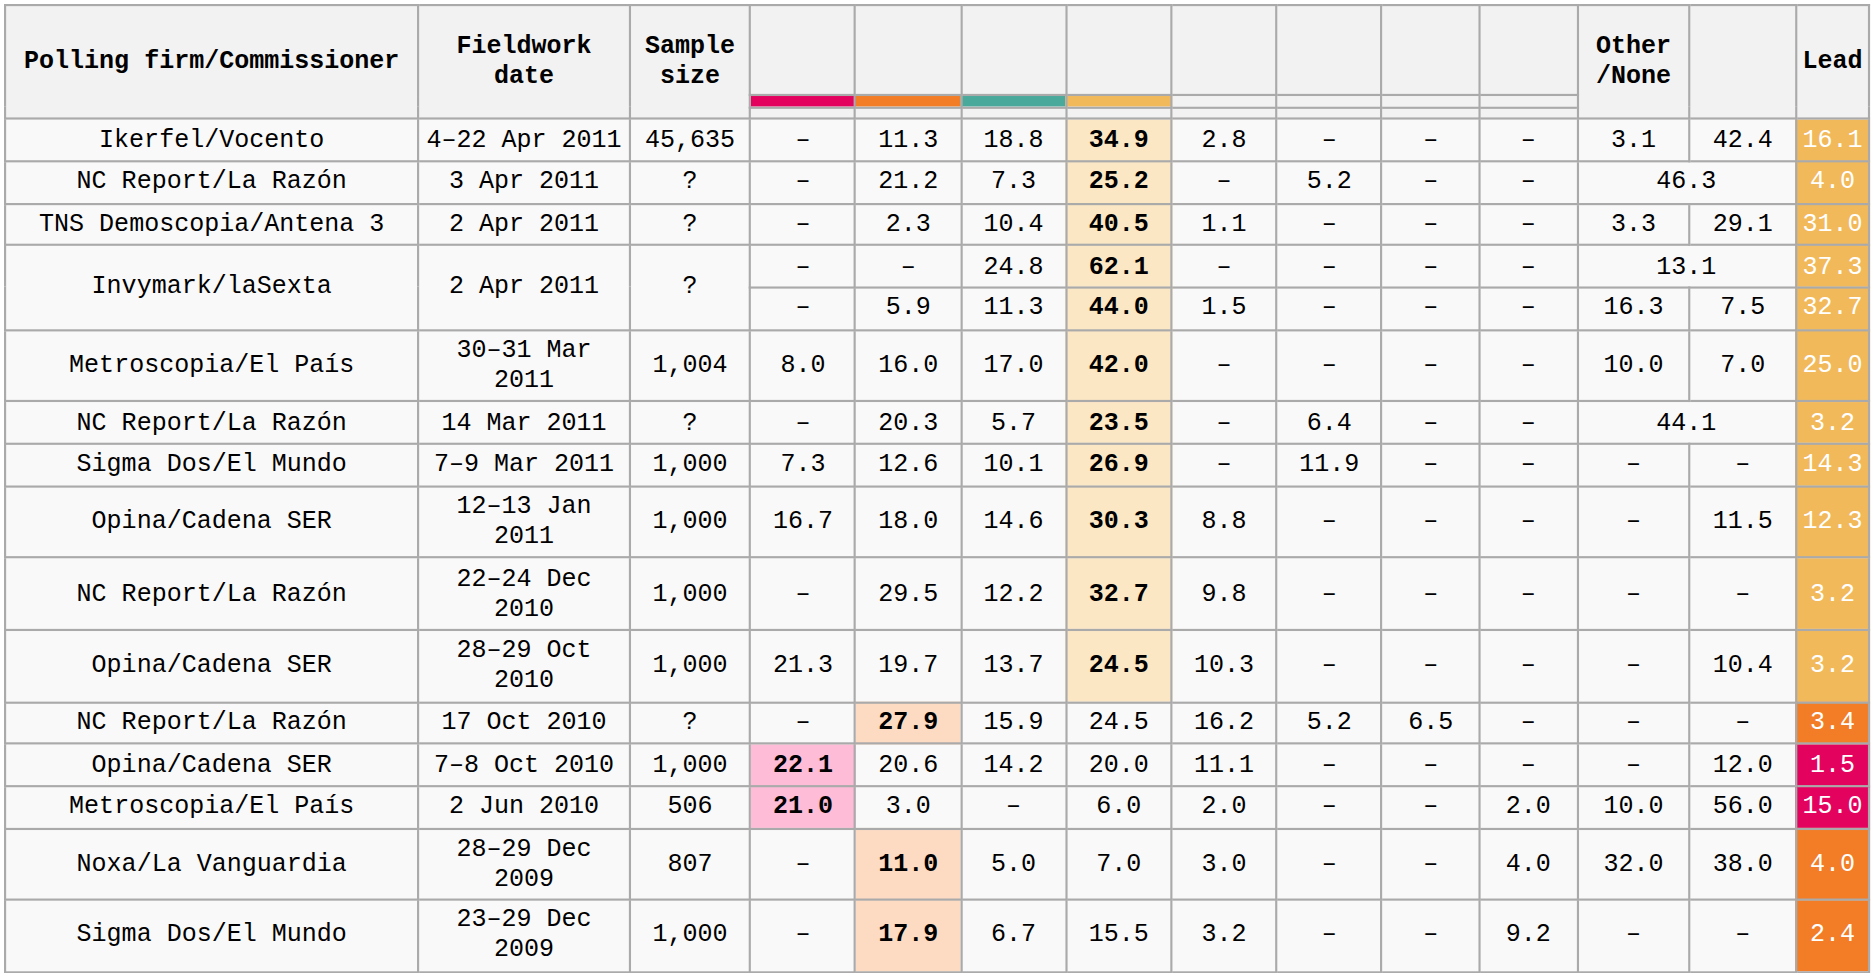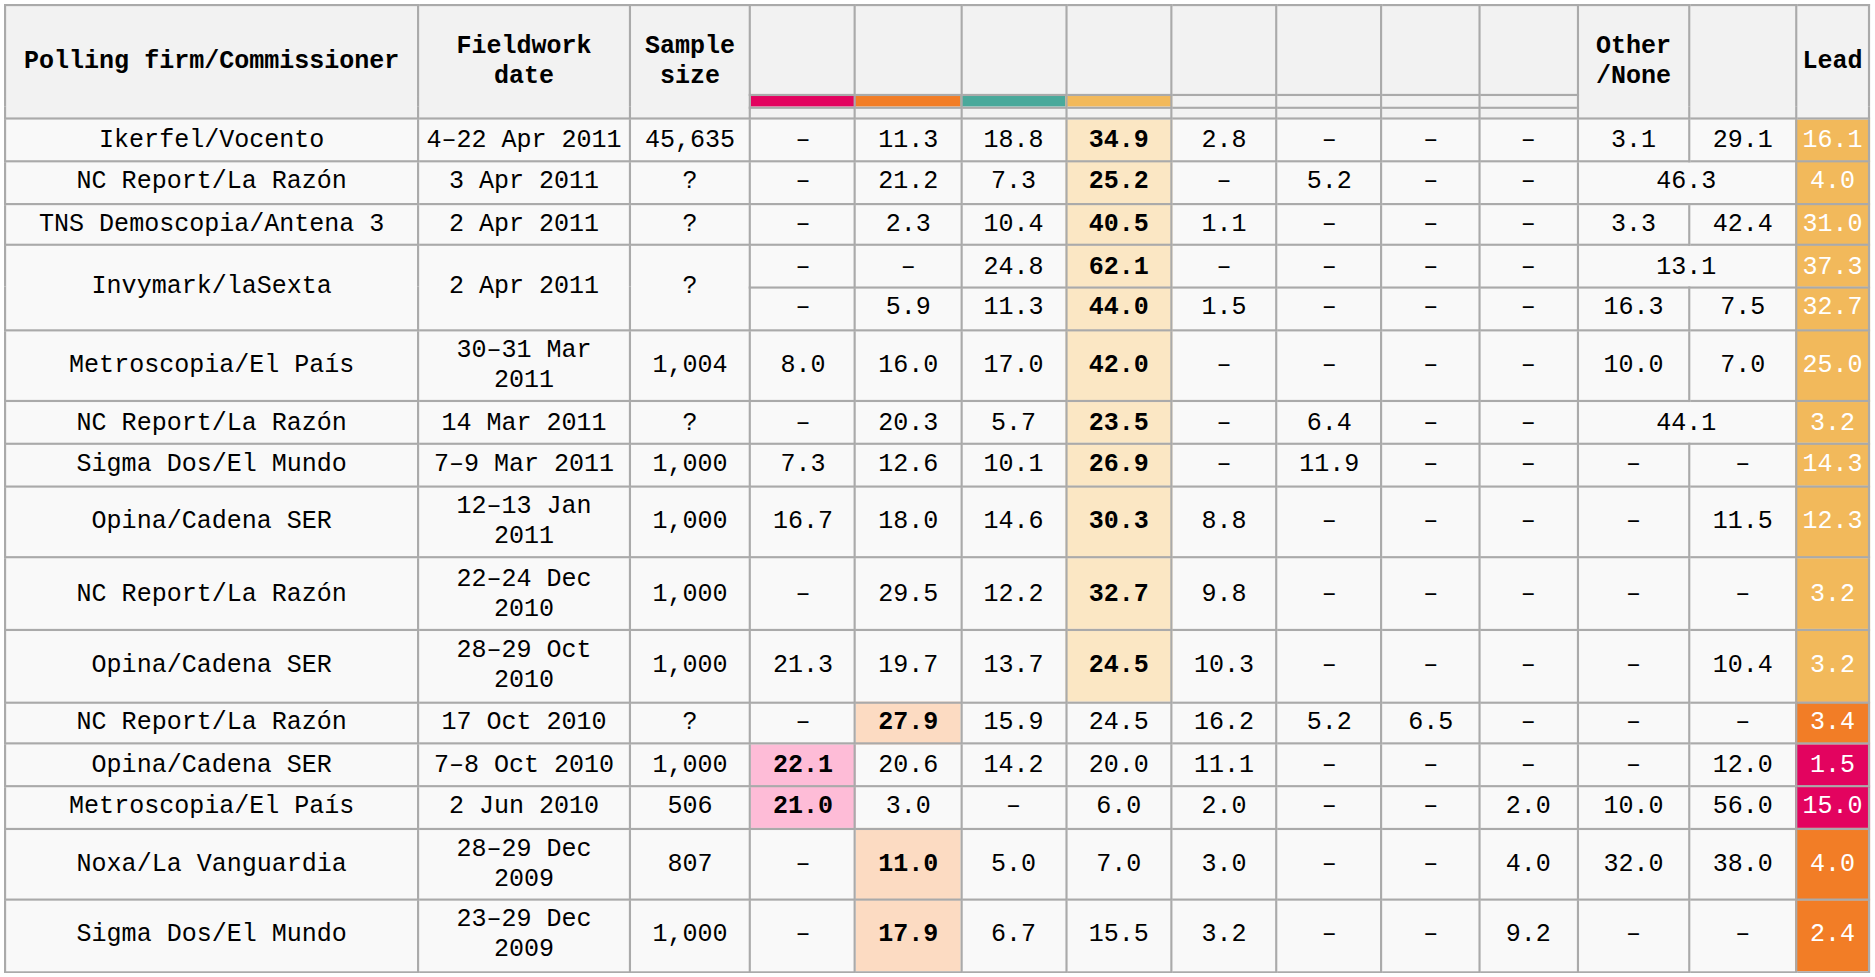 <table class="wikitable collapsible collapsed" style="text-align:center; font-size:90%; line-height:14px;">
 <tr style="height:42px;">
 <th style="width:260px;" rowspan="3">Polling firm/Commissioner</th>
 <th style="width:125px;" rowspan="3">Fieldwork date</th>
 <th style="width:60px;" rowspan="3">Sample size</th>
 <th style="width:60px;"></th>
 <th style="width:60px;"></th>
 <th style="width:60px;"></th>
 <th style="width:60px;"></th>
 <th style="width:60px;"></th>
 <th style="width:60px;"></th>
 <th style="width:60px;"></th>
 <th style="width:60px;"></th>
 <th style="width:60px;" rowspan="3">Other<br>/None</th>
 <th style="width:60px;" rowspan="3"></th>
 <th style="width:30px;" rowspan="3">Lead</th>
 </tr>
 <tr>
 <th style="color:inherit;background:#E3035F;"></th>
 <th style="color:inherit;background:#F27D26;"></th>
 <th style="color:inherit;background:#49A99B;"></th>
 <th style="color:inherit;background:#F2B95B;"></th>
 <th style="color:inherit;background:"></th>
 <th style="color:inherit;background:"></th>
 <th style="color:inherit;background:"></th>
 <th style="color:inherit;background:"></th>
 </tr>
 <tr>
 <th></th>
 <th></th>
 <th></th>
 <th></th>
 <th></th>
 <th></th>
 <th></th>
 <th></th>
 </tr>
 <tr>
 <td>Ikerfel/Vocento</td>
 <td>4–22 Apr 2011</td>
 <td>45,635</td>
 <td>–</td>
 <td>11.3</td>
 <td>18.8</td>
 <td style="color:inherit;background:#FBE7C4;"><strong>34.9</strong></td>
 <td>2.8</td>
 <td>–</td>
 <td>–</td>
 <td>–</td>
 <td>3.1</td>
-<td>42.4</td>
+<td>29.1</td>
 <td style="color:inherit;background:#F2B95B; color:white;">16.1</td>
 </tr>
 <tr>
 <td>NC Report/La Razón</td>
 <td>3 Apr 2011</td>
 <td>?</td>
 <td>–</td>
 <td>21.2</td>
 <td>7.3</td>
 <td style="color:inherit;background:#FBE7C4;"><strong>25.2</strong></td>
 <td>–</td>
 <td>5.2</td>
 <td>–</td>
 <td>–</td>
 <td colspan="2">46.3</td>
 <td style="color:inherit;background:#F2B95B; color:white;">4.0</td>
 </tr>
 <tr>
 <td>TNS Demoscopia/Antena 3</td>
 <td>2 Apr 2011</td>
 <td>?</td>
 <td>–</td>
 <td>2.3</td>
 <td>10.4</td>
 <td style="color:inherit;background:#FBE7C4;"><strong>40.5</strong></td>
 <td>1.1</td>
 <td>–</td>
 <td>–</td>
 <td>–</td>
 <td>3.3</td>
-<td>29.1</td>
+<td>42.4</td>
 <td style="color:inherit;background:#F2B95B; color:white;">31.0</td>
 </tr>
 <tr>
 <td rowspan="2">Invymark/laSexta</td>
 <td rowspan="2">2 Apr 2011</td>
 <td rowspan="2">?</td>
 <td>–</td>
 <td>–</td>
 <td>24.8</td>
 <td style="color:inherit;background:#FBE7C4;"><strong>62.1</strong></td>
 <td>–</td>
 <td>–</td>
 <td>–</td>
 <td>–</td>
 <td colspan="2">13.1</td>
 <td style="color:inherit;background:#F2B95B; color:white;">37.3</td>
 </tr>
 <tr>
 <td>–</td>
 <td>5.9</td>
 <td>11.3</td>
 <td style="color:inherit;background:#FBE7C4;"><strong>44.0</strong></td>
 <td>1.5</td>
 <td>–</td>
 <td>–</td>
 <td>–</td>
 <td>16.3</td>
 <td>7.5</td>
 <td style="color:inherit;background:#F2B95B; color:white;">32.7</td>
 </tr>
 <tr>
 <td>Metroscopia/El País</td>
 <td>30–31 Mar 2011</td>
 <td>1,004</td>
 <td>8.0</td>
 <td>16.0</td>
 <td>17.0</td>
 <td style="color:inherit;background:#FBE7C4;"><strong>42.0</strong></td>
 <td>–</td>
 <td>–</td>
 <td>–</td>
 <td>–</td>
 <td>10.0</td>
 <td>7.0</td>
 <td style="color:inherit;background:#F2B95B; color:white;">25.0</td>
 </tr>
 <tr>
 <td>NC Report/La Razón</td>
 <td>14 Mar 2011</td>
 <td>?</td>
 <td>–</td>
 <td>20.3</td>
 <td>5.7</td>
 <td style="color:inherit;background:#FBE7C4;"><strong>23.5</strong></td>
 <td>–</td>
 <td>6.4</td>
 <td>–</td>
 <td>–</td>
 <td colspan="2">44.1</td>
 <td style="color:inherit;background:#F2B95B; color:white;">3.2</td>
 </tr>
 <tr>
 <td>Sigma Dos/El Mundo</td>
 <td>7–9 Mar 2011</td>
 <td>1,000</td>
 <td>7.3</td>
 <td>12.6</td>
 <td>10.1</td>
 <td style="color:inherit;background:#FBE7C4;"><strong>26.9</strong></td>
 <td>–</td>
 <td>11.9</td>
 <td>–</td>
 <td>–</td>
 <td>–</td>
 <td>–</td>
 <td style="color:inherit;background:#F2B95B; color:white;">14.3</td>
 </tr>
 <tr>
 <td>Opina/Cadena SER</td>
 <td>12–13 Jan 2011</td>
 <td>1,000</td>
 <td>16.7</td>
 <td>18.0</td>
 <td>14.6</td>
 <td style="color:inherit;background:#FBE7C4;"><strong>30.3</strong></td>
 <td>8.8</td>
 <td>–</td>
 <td>–</td>
 <td>–</td>
 <td>–</td>
 <td>11.5</td>
 <td style="color:inherit;background:#F2B95B; color:white;">12.3</td>
 </tr>
 <tr>
 <td>NC Report/La Razón</td>
 <td>22–24 Dec 2010</td>
 <td>1,000</td>
 <td>–</td>
 <td>29.5</td>
 <td>12.2</td>
 <td style="color:inherit;background:#FBE7C4;"><strong>32.7</strong></td>
 <td>9.8</td>
 <td>–</td>
 <td>–</td>
 <td>–</td>
 <td>–</td>
 <td>–</td>
 <td style="color:inherit;background:#F2B95B; color:white;">3.2</td>
 </tr>
 <tr>
 <td>Opina/Cadena SER</td>
 <td>28–29 Oct 2010</td>
 <td>1,000</td>
 <td>21.3</td>
 <td>19.7</td>
 <td>13.7</td>
 <td style="color:inherit;background:#FBE7C4;"><strong>24.5</strong></td>
 <td>10.3</td>
 <td>–</td>
 <td>–</td>
 <td>–</td>
 <td>–</td>
 <td>10.4</td>
 <td style="color:inherit;background:#F2B95B; color:white;">3.2</td>
 </tr>
 <tr>
 <td>NC Report/La Razón</td>
 <td>17 Oct 2010</td>
 <td>?</td>
 <td>–</td>
 <td style="color:inherit;background:#FCDBC2;"><strong>27.9</strong></td>
 <td>15.9</td>
 <td>24.5</td>
 <td>16.2</td>
 <td>5.2</td>
 <td>6.5</td>
 <td>–</td>
 <td>–</td>
 <td>–</td>
 <td style="color:inherit;background:#F27D26; color:white;">3.4</td>
 </tr>
 <tr>
 <td>Opina/Cadena SER</td>
 <td>7–8 Oct 2010</td>
 <td>1,000</td>
 <td style="color:inherit;background:#FEBCD7;"><strong>22.1</strong></td>
 <td>20.6</td>
 <td>14.2</td>
 <td>20.0</td>
 <td>11.1</td>
 <td>–</td>
 <td>–</td>
 <td>–</td>
 <td>–</td>
 <td>12.0</td>
 <td style="color:inherit;background:#E3035F; color:white;">1.5</td>
 </tr>
 <tr>
 <td>Metroscopia/El País</td>
 <td>2 Jun 2010</td>
 <td>506</td>
 <td style="color:inherit;background:#FEBCD7;"><strong>21.0</strong></td>
 <td>3.0</td>
 <td>–</td>
 <td>6.0</td>
 <td>2.0</td>
 <td>–</td>
 <td>–</td>
 <td>2.0</td>
 <td>10.0</td>
 <td>56.0</td>
 <td style="color:inherit;background:#E3035F; color:white;">15.0</td>
 </tr>
 <tr>
 <td>Noxa/La Vanguardia</td>
 <td>28–29 Dec 2009</td>
 <td>807</td>
 <td>–</td>
 <td style="color:inherit;background:#FCDBC2;"><strong>11.0</strong></td>
 <td>5.0</td>
 <td>7.0</td>
 <td>3.0</td>
 <td>–</td>
 <td>–</td>
 <td>4.0</td>
 <td>32.0</td>
 <td>38.0</td>
 <td style="color:inherit;background:#F27D26; color:white;">4.0</td>
 </tr>
 <tr>
 <td>Sigma Dos/El Mundo</td>
 <td>23–29 Dec 2009</td>
 <td>1,000</td>
 <td>–</td>
 <td style="color:inherit;background:#FCDBC2;"><strong>17.9</strong></td>
 <td>6.7</td>
 <td>15.5</td>
 <td>3.2</td>
 <td>–</td>
 <td>–</td>
 <td>9.2</td>
 <td>–</td>
 <td>–</td>
 <td style="color:inherit;background:#F27D26; color:white;">2.4</td>
 </tr>
 </table>
